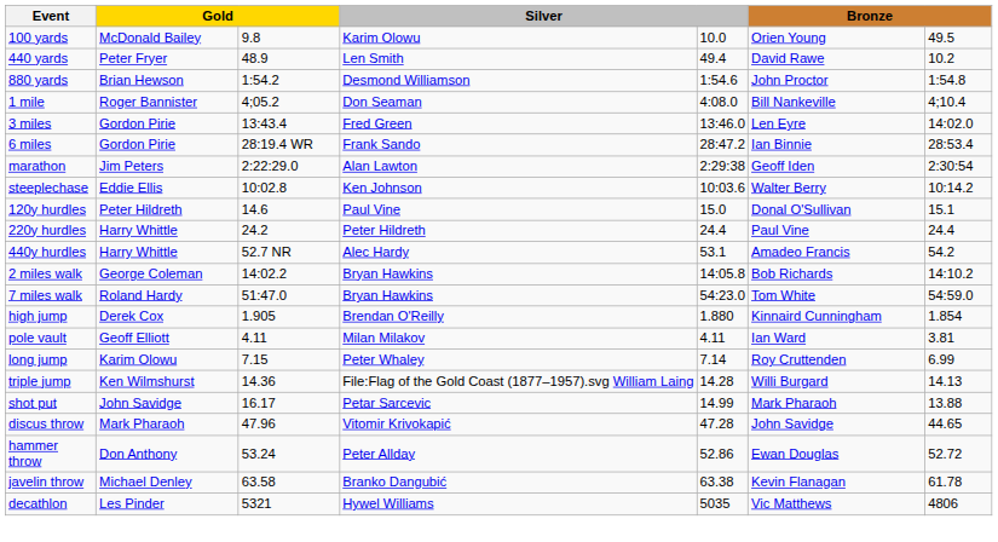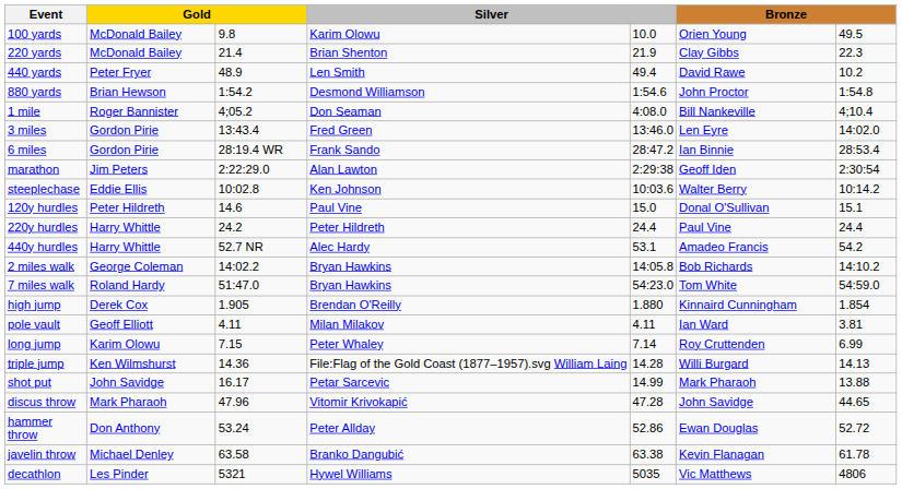 <table class="wikitable" style="text-align:left">
 <tr>
 <th width=100>Event</th>
 <th colspan="2" width="280" style="background:gold;">Gold</th>
 <th colspan="2" width="280" style="background:silver;">Silver</th>
 <th colspan="2" width="280" style="background:#CD7F32;">Bronze</th>
 </tr>
 <tr>
 <td><a href='#'>100 yards</a></td>
 <td><a href='#'>McDonald Bailey</a></td>
 <td>9.8</td>
 <td> <a href='#'>Karim Olowu</a></td>
 <td>10.0</td>
 <td> <a href='#'>Orien Young</a></td>
 <td>49.5</td>
+</tr>
+<tr>
+<td><a href='#'>220 yards</a></td>
+<td><a href='#'>McDonald Bailey</a></td>
+<td>21.4</td>
+<td><a href='#'>Brian Shenton</a></td>
+<td>21.9</td>
+<td> <a href='#'>Clay Gibbs</a></td>
+<td>22.3</td>
 </tr>
 <tr>
 <td><a href='#'>440 yards</a></td>
 <td><a href='#'>Peter Fryer</a></td>
 <td>48.9</td>
 <td><a href='#'>Len Smith</a></td>
 <td>49.4</td>
 <td><a href='#'>David Rawe</a></td>
 <td>10.2</td>
 </tr>
 <tr>
 <td><a href='#'>880 yards</a></td>
 <td><a href='#'>Brian Hewson</a></td>
 <td>1:54.2</td>
 <td><a href='#'>Desmond Williamson</a></td>
 <td>1:54.6</td>
 <td><a href='#'>John Proctor</a></td>
 <td>1:54.8</td>
 </tr>
 <tr>
 <td><a href='#'>1 mile</a></td>
 <td><a href='#'>Roger Bannister</a></td>
 <td>4;05.2</td>
 <td><a href='#'>Don Seaman</a></td>
 <td>4:08.0</td>
 <td><a href='#'>Bill Nankeville</a></td>
 <td>4;10.4</td>
 </tr>
 <tr>
 <td><a href='#'>3 miles</a></td>
 <td><a href='#'>Gordon Pirie</a></td>
 <td>13:43.4</td>
 <td><a href='#'>Fred Green</a></td>
 <td>13:46.0</td>
 <td><a href='#'>Len Eyre</a></td>
 <td>14:02.0</td>
 </tr>
 <tr>
 <td><a href='#'>6 miles</a></td>
 <td><a href='#'>Gordon Pirie</a></td>
 <td>28:19.4 WR</td>
 <td><a href='#'>Frank Sando</a></td>
 <td>28:47.2</td>
 <td> <a href='#'>Ian Binnie</a></td>
 <td>28:53.4</td>
 </tr>
 <tr>
 <td><a href='#'>marathon</a></td>
 <td><a href='#'>Jim Peters</a></td>
 <td>2:22:29.0</td>
 <td><a href='#'>Alan Lawton</a></td>
 <td>2:29:38</td>
 <td><a href='#'>Geoff Iden</a></td>
 <td>2:30:54</td>
 </tr>
 <tr>
 <td><a href='#'>steeplechase</a></td>
 <td><a href='#'>Eddie Ellis</a></td>
 <td>10:02.8</td>
 <td><a href='#'>Ken Johnson</a></td>
 <td>10:03.6</td>
 <td><a href='#'>Walter Berry</a></td>
 <td>10:14.2</td>
 </tr>
 <tr>
 <td><a href='#'>120y hurdles</a></td>
 <td><a href='#'>Peter Hildreth</a></td>
 <td>14.6</td>
 <td><a href='#'>Paul Vine</a></td>
 <td>15.0</td>
 <td><a href='#'>Donal O'Sullivan</a></td>
 <td>15.1</td>
 </tr>
 <tr>
 <td><a href='#'>220y hurdles</a></td>
 <td><a href='#'>Harry Whittle</a></td>
 <td>24.2</td>
 <td><a href='#'>Peter Hildreth</a></td>
 <td>24.4</td>
 <td><a href='#'>Paul Vine</a></td>
 <td>24.4</td>
 </tr>
 <tr>
 <td><a href='#'>440y hurdles</a></td>
 <td><a href='#'>Harry Whittle</a></td>
 <td>52.7 NR</td>
 <td><a href='#'>Alec Hardy</a></td>
 <td>53.1</td>
 <td> <a href='#'>Amadeo Francis</a></td>
 <td>54.2</td>
 </tr>
 <tr>
 <td><a href='#'>2 miles walk</a></td>
 <td><a href='#'>George Coleman</a></td>
 <td>14:02.2</td>
 <td><a href='#'>Bryan Hawkins</a></td>
 <td>14:05.8</td>
 <td><a href='#'>Bob Richards</a></td>
 <td>14:10.2</td>
 </tr>
 <tr>
 <td><a href='#'>7 miles walk</a></td>
 <td><a href='#'>Roland Hardy</a></td>
 <td>51:47.0</td>
 <td><a href='#'>Bryan Hawkins</a></td>
 <td>54:23.0</td>
 <td><a href='#'>Tom White</a></td>
 <td>54:59.0</td>
 </tr>
 <tr>
 <td><a href='#'>high jump</a></td>
 <td><a href='#'>Derek Cox</a></td>
 <td>1.905</td>
 <td> <a href='#'>Brendan O'Reilly</a></td>
 <td>1.880</td>
 <td><a href='#'>Kinnaird Cunningham</a></td>
 <td>1.854</td>
 </tr>
 <tr>
 <td><a href='#'>pole vault</a></td>
 <td><a href='#'>Geoff Elliott</a></td>
 <td>4.11</td>
 <td> <a href='#'>Milan Milakov</a></td>
 <td>4.11</td>
 <td><a href='#'>Ian Ward</a></td>
 <td>3.81</td>
 </tr>
 <tr>
 <td><a href='#'>long jump</a></td>
 <td> <a href='#'>Karim Olowu</a></td>
 <td>7.15</td>
 <td><a href='#'>Peter Whaley</a></td>
 <td>7.14</td>
 <td><a href='#'>Roy Cruttenden</a></td>
 <td>6.99</td>
 </tr>
 <tr>
 <td><a href='#'>triple jump</a></td>
 <td><a href='#'>Ken Wilmshurst</a></td>
 <td>14.36</td>
 <td>File:Flag of the Gold Coast (1877–1957).svg <a href='#'>William Laing</a></td>
 <td>14.28</td>
 <td> <a href='#'>Willi Burgard</a></td>
 <td>14.13</td>
 </tr>
 <tr>
 <td><a href='#'>shot put</a></td>
 <td><a href='#'>John Savidge</a></td>
 <td>16.17</td>
 <td> <a href='#'>Petar Sarcevic</a></td>
 <td>14.99</td>
 <td><a href='#'>Mark Pharaoh</a></td>
 <td>13.88</td>
 </tr>
 <tr>
 <td><a href='#'>discus throw</a></td>
 <td><a href='#'>Mark Pharaoh</a></td>
 <td>47.96</td>
 <td> <a href='#'>Vitomir Krivokapić</a></td>
 <td>47.28</td>
 <td><a href='#'>John Savidge</a></td>
 <td>44.65</td>
 </tr>
 <tr>
 <td><a href='#'>hammer throw</a></td>
 <td><a href='#'>Don Anthony</a></td>
 <td>53.24</td>
 <td><a href='#'>Peter Allday</a></td>
 <td>52.86</td>
 <td> <a href='#'>Ewan Douglas</a></td>
 <td>52.72</td>
 </tr>
 <tr>
 <td><a href='#'>javelin throw</a></td>
 <td><a href='#'>Michael Denley</a></td>
 <td>63.58</td>
 <td> <a href='#'>Branko Dangubić</a></td>
 <td>63.38</td>
 <td><a href='#'>Kevin Flanagan</a></td>
 <td>61.78</td>
 </tr>
 <tr>
 <td><a href='#'>decathlon</a></td>
 <td><a href='#'>Les Pinder</a></td>
 <td>5321</td>
 <td><a href='#'>Hywel Williams</a></td>
 <td>5035</td>
 <td><a href='#'>Vic Matthews</a></td>
 <td>4806</td>
 </tr>
 </table>
